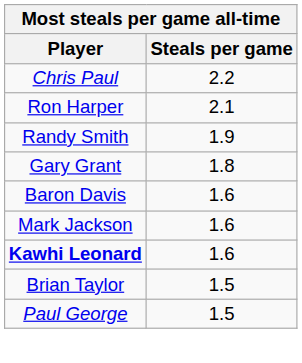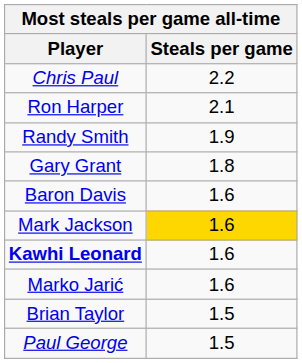 <table class="wikitable sortable" style="text-align:center">
 <tr>
 <th colspan="2">Most steals per game all-time</th>
 </tr>
 <tr>
 <th>Player</th>
 <th>Steals per game</th>
 </tr>
 <tr>
 <td><em><a href='#'>Chris Paul</a></em></td>
 <td>2.2</td>
 </tr>
 <tr>
 <td><a href='#'>Ron Harper</a></td>
 <td>2.1</td>
 </tr>
 <tr>
 <td><a href='#'>Randy Smith</a></td>
 <td>1.9</td>
 </tr>
 <tr>
 <td><a href='#'>Gary Grant</a></td>
 <td>1.8</td>
 </tr>
 <tr>
 <td><a href='#'>Baron Davis</a></td>
 <td>1.6</td>
 </tr>
 <tr>
 <td><a href='#'>Mark Jackson</a></td>
+<td style="background: gold;">1.6</td>
+</tr>
+<tr>
+<td><strong><a href='#'>Kawhi Leonard</a></strong></td>
 <td>1.6</td>
 </tr>
 <tr>
-<td><strong><a href='#'>Kawhi Leonard</a></strong></td>
+<td><a href='#'>Marko Jarić</a></td>
 <td>1.6</td>
 </tr>
 <tr>
 <td><a href='#'>Brian Taylor</a></td>
 <td>1.5</td>
 </tr>
 <tr>
 <td><em><a href='#'>Paul George</a></em></td>
 <td>1.5</td>
 </tr>
 </table>
